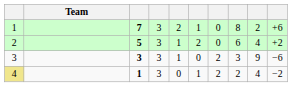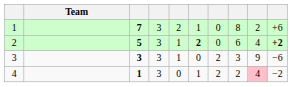 <table class="wikitable" style="text-align: center;">
 <tr>
 <th width="25"></th>
 <th width="165">Team</th>
 <th width="25"></th>
 <th width="25"></th>
 <th width="25"></th>
 <th width="25"></th>
 <th width="25"></th>
 <th width="25"></th>
 <th width="25"></th>
 <th width="25"></th>
 </tr>
 <tr bgcolor=#ccffcc>
 <td>1</td>
 <td align="left"></td>
 <td><strong>7</strong></td>
 <td>3</td>
 <td>2</td>
 <td>1</td>
 <td>0</td>
 <td>8</td>
 <td>2</td>
 <td>+6</td>
 </tr>
 <tr bgcolor=#ccffcc>
 <td>2</td>
 <td align="left"></td>
 <td><strong>5</strong></td>
 <td>3</td>
 <td>1</td>
-<td>2</td>
+<td><strong>2</strong></td>
 <td>0</td>
 <td>6</td>
 <td>4</td>
-<td>+2</td>
+<td><strong>+2</strong></td>
 </tr>
 <tr>
 <td>3</td>
 <td align="left"></td>
 <td><strong>3</strong></td>
 <td>3</td>
 <td>1</td>
 <td>0</td>
 <td>2</td>
 <td>3</td>
 <td>9</td>
 <td>−6</td>
 </tr>
 <tr>
-<td style="background: khaki;">4</td>
+<td>4</td>
 <td align="left"></td>
 <td><strong>1</strong></td>
 <td>3</td>
 <td>0</td>
 <td>1</td>
 <td>2</td>
 <td>2</td>
-<td>4</td>
+<td style="background: pink;">4</td>
 <td>−2</td>
 </tr>
 </table>
